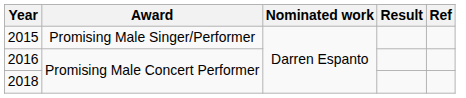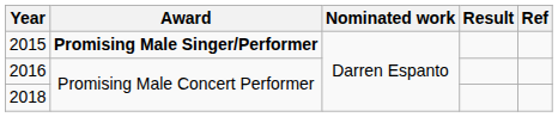 <table class="wikitable sortable" style=text-align:center>
 <tr>
 <th>Year</th>
 <th>Award</th>
 <th>Nominated work</th>
 <th>Result</th>
 <th>Ref</th>
 </tr>
 <tr>
 <td>2015</td>
-<td>Promising Male Singer/Performer</td>
+<td><strong>Promising Male Singer/Performer</strong></td>
 <td rowspan="3">Darren Espanto</td>
 <td></td>
 <td></td>
 </tr>
 <tr>
 <td>2016</td>
 <td rowspan="2">Promising Male Concert Performer</td>
 <td></td>
 <td></td>
 </tr>
 <tr>
 <td>2018</td>
 <td></td>
 <td></td>
 </tr>
 </table>
